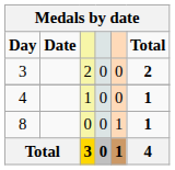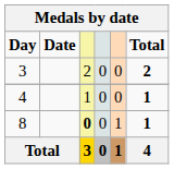 <table class="wikitable" style="font-size:95%">
 <tr style="background:#efefef;">
 <th colspan=6><strong>Medals by date</strong></th>
 </tr>
 <tr style="text-align:center;">
 <td><strong>Day</strong></td>
 <td><strong>Date</strong></td>
 <td style="background:#F7F6A8;"></td>
 <td style="background:#DCE5E5;"></td>
 <td style="background:#FFDAB9;"></td>
 <td><strong>Total</strong></td>
 </tr>
 <tr style="text-align:center;">
 <td>3</td>
 <td></td>
 <td style="background:#F7F6A8;">2</td>
 <td style="background:#DCE5E5;">0</td>
 <td style="background:#FFDAB9;">0</td>
 <td><strong>2</strong></td>
 </tr>
 <tr>
 </tr>
 <tr style="text-align:center;">
 <td>4</td>
 <td></td>
 <td style="background:#F7F6A8;">1</td>
 <td style="background:#DCE5E5;">0</td>
 <td style="background:#FFDAB9;">0</td>
 <td><strong>1</strong></td>
 </tr>
 <tr>
 </tr>
 <tr style="text-align:center;">
 <td>8</td>
 <td></td>
-<td style="background:#F7F6A8;">0</td>
+<td style="background:#F7F6A8;"><strong>0</strong></td>
 <td style="background:#DCE5E5;">0</td>
 <td style="background:#FFDAB9;">1</td>
 <td><strong>1</strong></td>
 </tr>
 <tr>
 <th colspan="2"><strong>Total</strong></th>
 <th style="background:gold;"><strong>3</strong></th>
 <th style="background:silver;"><strong>0</strong></th>
 <th style="background:#c96;"><strong>1</strong></th>
 <th><strong>4</strong></th>
 </tr>
 </table>
